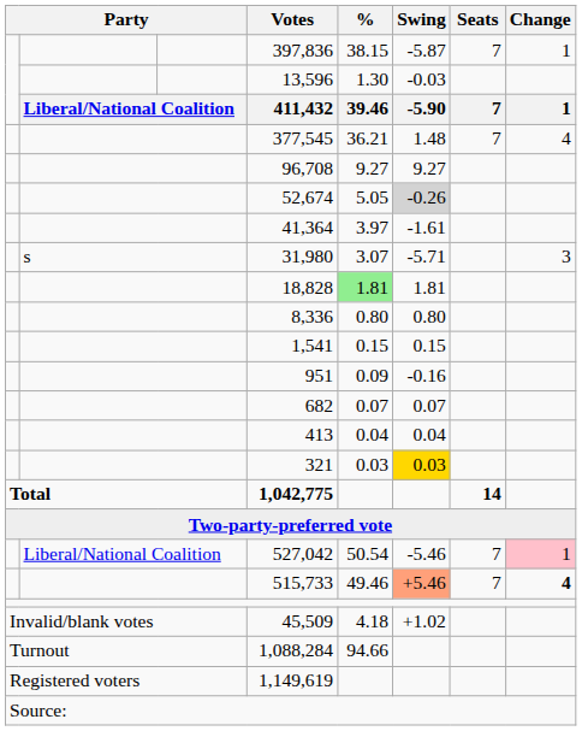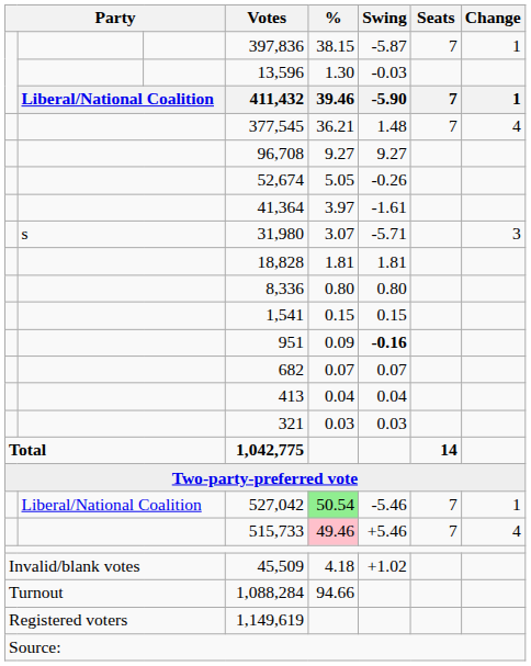 <table class="wikitable">
 <tr>
 <th style="width:200px" colspan=3>Party</th>
 <th style="width:70px; text-align:center;">Votes</th>
 <th style="width:40px; text-align:center;">%</th>
 <th style="width:40px; text-align:center;">Swing</th>
 <th style="width:40px; text-align:center;">Seats</th>
 <th style="width:40px; text-align:center;">Change</th>
 </tr>
 <tr>
 <td rowspan="3"> </td>
 <td> </td>
 <td></td>
 <td align=right>397,836</td>
 <td align=right>38.15</td>
 <td align=right>-5.87</td>
 <td align=right>7</td>
 <td align=right> 1</td>
 </tr>
 <tr>
 <td> </td>
 <td></td>
 <td align=right>13,596</td>
 <td align=right>1.30</td>
 <td align=right>-0.03</td>
 <td align=right></td>
 <td align=right></td>
 </tr>
 <tr>
 <th colspan="2" style="text-align:left;"><a href='#'>Liberal/National Coalition</a></th>
 <th style="text-align:right;">411,432</th>
 <th style="text-align:right;">39.46</th>
 <th style="text-align:right;">-5.90</th>
 <th style="text-align:right;">7</th>
 <th style="text-align:right;"> 1</th>
 </tr>
 <tr>
 <td> </td>
 <td colspan=2></td>
 <td align=right>377,545</td>
 <td align=right>36.21</td>
 <td align=right>1.48</td>
 <td align=right>7</td>
 <td align=right> 4</td>
 </tr>
 <tr>
 <td> </td>
 <td colspan=2></td>
 <td align=right>96,708</td>
 <td align=right>9.27</td>
 <td align=right>9.27</td>
 <td align=right></td>
 <td align=right></td>
 </tr>
 <tr>
 <td> </td>
 <td colspan=2></td>
 <td align=right>52,674</td>
 <td align=right>5.05</td>
-<td align=right style="background: lightgrey;">-0.26</td>
+<td align=right>-0.26</td>
 <td align=right></td>
 <td align=right></td>
 </tr>
 <tr>
 <td> </td>
 <td colspan=2></td>
 <td align=right>41,364</td>
 <td align=right>3.97</td>
 <td align=right>-1.61</td>
 <td align=right></td>
 <td align=right></td>
 </tr>
 <tr>
 <td> </td>
 <td colspan=2>s</td>
 <td align=right>31,980</td>
 <td align=right>3.07</td>
 <td align=right>-5.71</td>
 <td align=right></td>
 <td align=right> 3</td>
 </tr>
 <tr>
 <td> </td>
 <td colspan=2></td>
 <td align=right>18,828</td>
-<td align=right style="background: lightgreen;">1.81</td>
+<td align=right>1.81</td>
 <td align=right>1.81</td>
 <td align=right></td>
 <td align=right></td>
 </tr>
 <tr>
 <td> </td>
 <td colspan=2></td>
 <td align=right>8,336</td>
 <td align=right>0.80</td>
 <td align=right>0.80</td>
 <td align=right></td>
 <td align=right></td>
 </tr>
 <tr>
 <td> </td>
 <td colspan=2></td>
 <td align=right>1,541</td>
 <td align=right>0.15</td>
 <td align=right>0.15</td>
 <td align=right></td>
 <td align=right></td>
 </tr>
 <tr>
 <td> </td>
 <td colspan=2></td>
 <td align=right>951</td>
 <td align=right>0.09</td>
-<td align=right>-0.16</td>
+<td align=right><strong>-0.16</strong></td>
 <td align=right></td>
 <td align=right></td>
 </tr>
 <tr>
 <td> </td>
 <td colspan=2></td>
 <td align=right>682</td>
 <td align=right>0.07</td>
 <td align=right>0.07</td>
 <td align=right></td>
 <td align=right></td>
 </tr>
 <tr>
 <td> </td>
 <td colspan=2></td>
 <td align=right>413</td>
 <td align=right>0.04</td>
 <td align=right>0.04</td>
 <td align=right></td>
 <td align=right></td>
 </tr>
 <tr>
 <td> </td>
 <td colspan=2></td>
 <td align=right>321</td>
 <td align=right>0.03</td>
-<td align=right style="background: gold;">0.03</td>
+<td align=right>0.03</td>
 <td align=right></td>
 <td align=right></td>
 </tr>
 <tr>
 <td colspan="3" align="left"><strong>Total</strong></td>
 <td align=right><strong>1,042,775</strong></td>
 <td align=right></td>
 <td align=right></td>
 <td align=right><strong>14</strong></td>
 <td align=right></td>
 </tr>
 <tr>
 <td colspan="8" style="text-align:center; background:#eee;"><strong><a href='#'>Two-party-preferred vote</a></strong></td>
 </tr>
 <tr>
 <td> </td>
 <td colspan=2><a href='#'>Liberal/National Coalition</a></td>
 <td align=right>527,042</td>
-<td align=right>50.54</td>
+<td align=right style="background: lightgreen;">50.54</td>
 <td align=right>-5.46</td>
 <td align=right>7</td>
-<td align=right style="background: pink;"> 1</td>
+<td align=right> 1</td>
 </tr>
 <tr>
 <td> </td>
 <td colspan=2></td>
 <td align=right>515,733</td>
-<td align=right>49.46</td>
-<td align=right style="background: lightsalmon;">+5.46</td>
+<td align=right style="background: pink;">49.46</td>
+<td align=right>+5.46</td>
 <td align=right>7</td>
-<td align=right><strong> 4</strong></td>
+<td align=right> 4</td>
 </tr>
 <tr>
 <td colspan="8"></td>
 </tr>
 <tr>
 <td colspan="3" style="text-align:left;">Invalid/blank votes</td>
 <td align=right>45,509</td>
 <td align=right>4.18</td>
 <td align=right>+1.02</td>
 <td></td>
 <td></td>
 </tr>
 <tr>
 <td colspan="3" style="text-align:left;">Turnout</td>
 <td align=right>1,088,284</td>
 <td align=right>94.66</td>
 <td></td>
 <td></td>
 <td></td>
 </tr>
 <tr>
 <td colspan="3" style="text-align:left;">Registered voters</td>
 <td align=right>1,149,619</td>
 <td></td>
 <td></td>
 <td></td>
 <td></td>
 </tr>
 <tr>
 <td colspan="8" align="left">Source: </td>
 </tr>
 </table>
